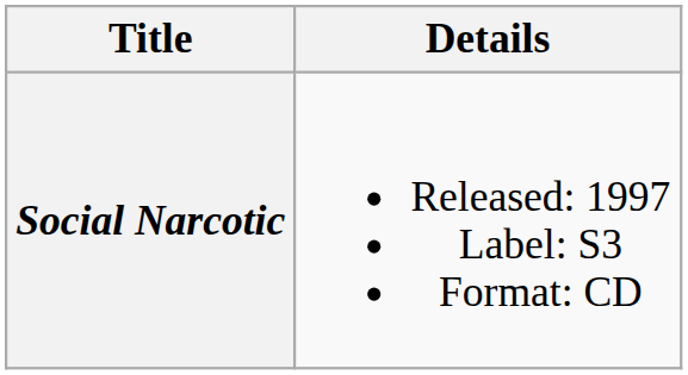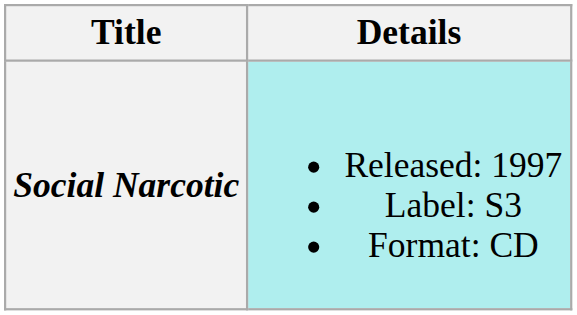 <table class="wikitable plainrowheaders" style="text-align:center;" border="1">
 <tr>
 <th>Title</th>
 <th>Details</th>
 </tr>
 <tr>
 <th scope="row"><em>Social Narcotic</em></th>
-<td><br><ul><li>Released: 1997</li><li>Label: S3</li><li>Format: CD</li></ul></td>
+<td style="background: paleturquoise;"><br><ul><li>Released: 1997</li><li>Label: S3</li><li>Format: CD</li></ul></td>
 </tr>
 </table>
